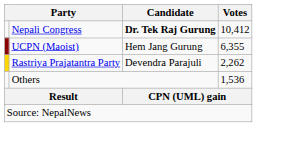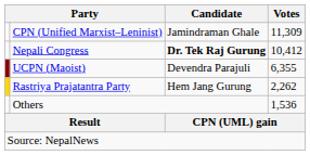 <table class="wikitable">
 <tr>
 <th colspan="2">Party</th>
 <th>Candidate</th>
 <th>Votes</th>
+</tr>
+<tr>
+<td style="background-color:"></td>
+<td><a href='#'>CPN (Unified Marxist–Leninist)</a></td>
+<td>Jamindraman Ghale</td>
+<td>11,309</td>
 </tr>
 <tr>
 <td style="background-color:"></td>
 <td><a href='#'>Nepali Congress</a></td>
 <td><strong>Dr. Tek Raj Gurung</strong></td>
 <td>10,412</td>
 </tr>
 <tr>
 <td style="background-color:darkred"></td>
 <td><a href='#'>UCPN (Maoist)</a></td>
-<td>Hem Jang Gurung</td>
+<td>Devendra Parajuli</td>
 <td>6,355</td>
 </tr>
 <tr>
 <td style="background-color:gold"></td>
 <td><a href='#'>Rastriya Prajatantra Party</a></td>
-<td>Devendra Parajuli</td>
+<td>Hem Jang Gurung</td>
 <td>2,262</td>
 </tr>
 <tr>
 <td></td>
 <td colspan="2">Others</td>
 <td>1,536</td>
 </tr>
 <tr>
 <th colspan="2">Result</th>
 <th colspan="2">CPN (UML) gain</th>
 </tr>
 <tr>
 <td colspan="4">Source: NepalNews</td>
 </tr>
 </table>
